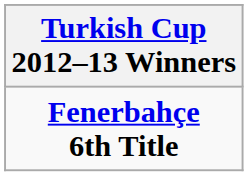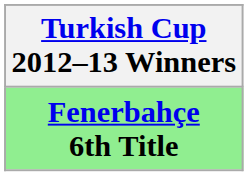 <table class="wikitable" style="text-align: center; margin: 0 auto;">
 <tr>
 <th><a href='#'>Turkish Cup</a><br>2012–13 Winners</th>
 </tr>
 <tr>
-<td><strong><a href='#'>Fenerbahçe</a></strong><br><strong>6th Title</strong></td>
+<td style="background: lightgreen;"><strong><a href='#'>Fenerbahçe</a></strong><br><strong>6th Title</strong></td>
 </tr>
 </table>
